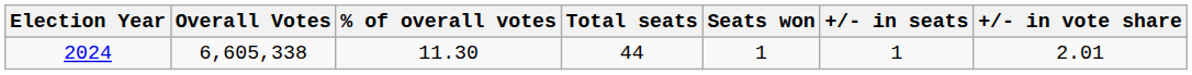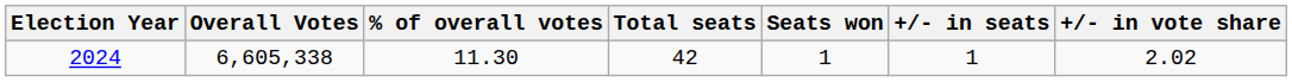 <table class="wikitable sortable" style="text-align:center">
 <tr>
 <th Style="background-color:">Election Year</th>
 <th Style="background-color:">Overall Votes</th>
 <th Style="background-color:">% of overall votes</th>
 <th Style="background-color:">Total seats</th>
 <th Style="background-color:">Seats won<br></th>
 <th Style="background-color:">+/- in seats</th>
 <th Style="background-color:">+/- in vote share</th>
 </tr>
 <tr>
 <td><a href='#'>2024</a></td>
 <td>6,605,338</td>
 <td>11.30</td>
-<td>44</td>
+<td>42</td>
 <td>1</td>
 <td>1</td>
-<td>2.01</td>
+<td>2.02</td>
 </tr>
 </table>
